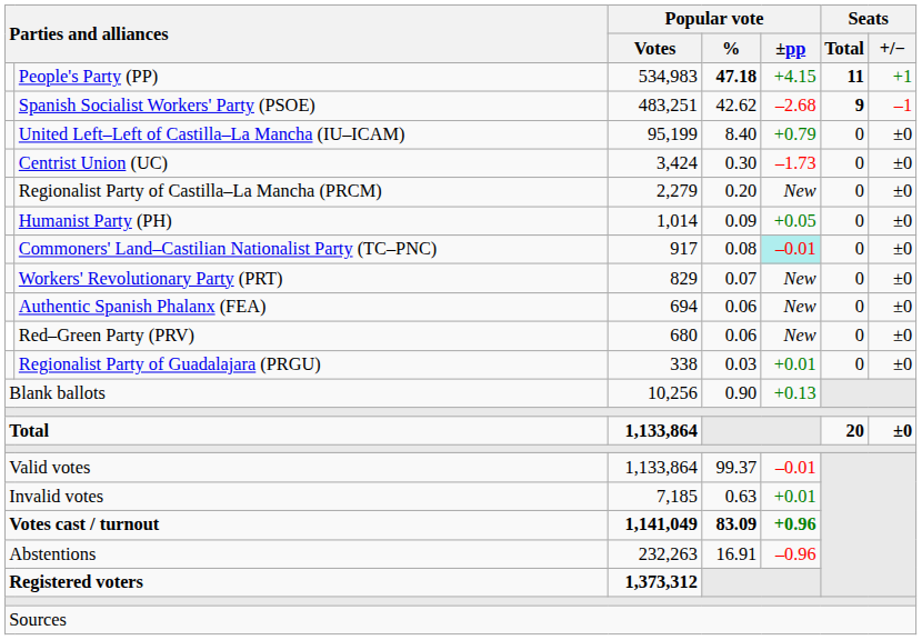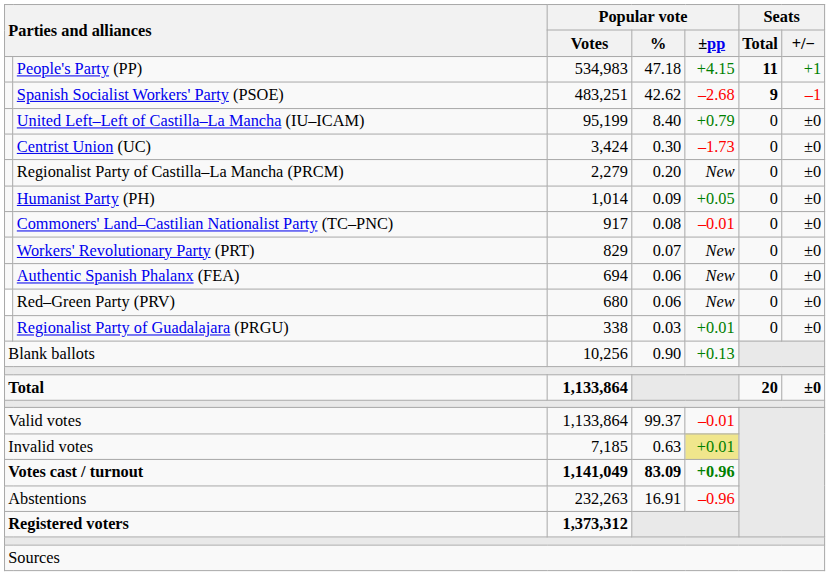 <table class="wikitable" style="text-align:right;">
 <tr>
 <th style="text-align:left;" rowspan="2" colspan="2" width="525">Parties and alliances</th>
 <th colspan="3">Popular vote</th>
 <th colspan="2">Seats</th>
 </tr>
 <tr>
 <th width="75">Votes</th>
 <th width="45">%</th>
 <th width="45">±<a href='#'>pp</a></th>
 <th width="35">Total</th>
 <th width="35">+/−</th>
 </tr>
 <tr>
 <td width="1" style="color:inherit;background:"></td>
 <td align="left"><a href='#'>People's Party</a> (PP)</td>
 <td>534,983</td>
-<td><strong>47.18</strong></td>
+<td>47.18</td>
 <td style="color:green;">+4.15</td>
 <td><strong>11</strong></td>
 <td style="color:green;">+1</td>
 </tr>
 <tr>
 <td style="color:inherit;background:"></td>
 <td align="left"><a href='#'>Spanish Socialist Workers' Party</a> (PSOE)</td>
 <td>483,251</td>
 <td>42.62</td>
 <td style="color:red;">–2.68</td>
 <td><strong>9</strong></td>
 <td style="color:red;">–1</td>
 </tr>
 <tr>
 <td style="color:inherit;background:"></td>
 <td align="left"><a href='#'>United Left–Left of Castilla–La Mancha</a> (IU–ICAM)</td>
 <td>95,199</td>
 <td>8.40</td>
 <td style="color:green;">+0.79</td>
 <td>0</td>
 <td>±0</td>
 </tr>
 <tr>
 <td style="color:inherit;background:"></td>
 <td align="left"><a href='#'>Centrist Union</a> (UC)</td>
 <td>3,424</td>
 <td>0.30</td>
 <td style="color:red;">–1.73</td>
 <td>0</td>
 <td>±0</td>
 </tr>
 <tr>
 <td style="color:inherit;background:"></td>
 <td align="left">Regionalist Party of Castilla–La Mancha (PRCM)</td>
 <td>2,279</td>
 <td>0.20</td>
 <td><em>New</em></td>
 <td>0</td>
 <td>±0</td>
 </tr>
 <tr>
 <td style="color:inherit;background:"></td>
 <td align="left"><a href='#'>Humanist Party</a> (PH)</td>
 <td>1,014</td>
 <td>0.09</td>
 <td style="color:green;">+0.05</td>
 <td>0</td>
 <td>±0</td>
 </tr>
 <tr>
 <td style="color:inherit;background:"></td>
 <td align="left"><a href='#'>Commoners' Land–Castilian Nationalist Party</a> (TC–PNC)</td>
 <td>917</td>
 <td>0.08</td>
-<td style="background: paleturquoise; color:red;">–0.01</td>
+<td style="color:red;">–0.01</td>
 <td>0</td>
 <td>±0</td>
 </tr>
 <tr>
 <td style="color:inherit;background:"></td>
 <td align="left"><a href='#'>Workers' Revolutionary Party</a> (PRT)</td>
 <td>829</td>
 <td>0.07</td>
 <td><em>New</em></td>
 <td>0</td>
 <td>±0</td>
 </tr>
 <tr>
 <td style="color:inherit;background:"></td>
 <td align="left"><a href='#'>Authentic Spanish Phalanx</a> (FEA)</td>
 <td>694</td>
 <td>0.06</td>
 <td><em>New</em></td>
 <td>0</td>
 <td>±0</td>
 </tr>
 <tr>
 <td bgcolor="white"></td>
 <td align="left">Red–Green Party (PRV)</td>
 <td>680</td>
 <td>0.06</td>
 <td><em>New</em></td>
 <td>0</td>
 <td>±0</td>
 </tr>
 <tr>
 <td style="color:inherit;background:"></td>
 <td align="left"><a href='#'>Regionalist Party of Guadalajara</a> (PRGU)</td>
 <td>338</td>
 <td>0.03</td>
 <td style="color:green;">+0.01</td>
 <td>0</td>
 <td>±0</td>
 </tr>
 <tr>
 <td align="left" colspan="2">Blank ballots</td>
 <td>10,256</td>
 <td>0.90</td>
 <td style="color:green;">+0.13</td>
 <td bgcolor="#E9E9E9" colspan="2"></td>
 </tr>
 <tr>
 <td colspan="7" bgcolor="#E9E9E9"></td>
 </tr>
 <tr style="font-weight:bold;">
 <td align="left" colspan="2">Total</td>
 <td>1,133,864</td>
 <td bgcolor="#E9E9E9" colspan="2"></td>
 <td>20</td>
 <td>±0</td>
 </tr>
 <tr>
 <td colspan="7" bgcolor="#E9E9E9"></td>
 </tr>
 <tr>
 <td align="left" colspan="2">Valid votes</td>
 <td>1,133,864</td>
 <td>99.37</td>
 <td style="color:red;">–0.01</td>
 <td bgcolor="#E9E9E9" colspan="2" rowspan="5"></td>
 </tr>
 <tr>
 <td align="left" colspan="2">Invalid votes</td>
 <td>7,185</td>
 <td>0.63</td>
-<td style="color:green;">+0.01</td>
+<td style="background: khaki; color:green;">+0.01</td>
 </tr>
 <tr style="font-weight:bold;">
 <td align="left" colspan="2">Votes cast / turnout</td>
 <td>1,141,049</td>
 <td>83.09</td>
 <td style="color:green;">+0.96</td>
 </tr>
 <tr>
 <td align="left" colspan="2">Abstentions</td>
 <td>232,263</td>
 <td>16.91</td>
 <td style="color:red;">–0.96</td>
 </tr>
 <tr style="font-weight:bold;">
 <td align="left" colspan="2">Registered voters</td>
 <td>1,373,312</td>
 <td bgcolor="#E9E9E9" colspan="2"></td>
 </tr>
 <tr>
 <td colspan="7" bgcolor="#E9E9E9"></td>
 </tr>
 <tr>
 <td align="left" colspan="7">Sources</td>
 </tr>
 </table>
